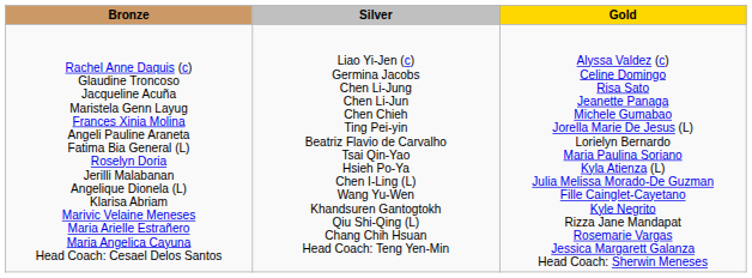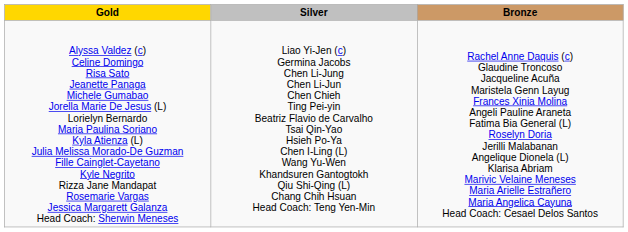 <table class="wikitable" style="text-align:center; font-size:90%">
 <tr>
+<th style="width:20em; background:gold">Gold</th>
+<th style="width:20em; background:silver">Silver</th>
 <th style="width:20em; background:#cc9966">Bronze</th>
-<th style="width:20em; background:silver">Silver</th>
-<th style="width:20em; background:gold">Gold</th>
 </tr>
 <tr>
+<td><br><br><a href='#'>Alyssa Valdez</a> (<a href='#'>c</a>)<br> <a href='#'>Celine Domingo</a><br> <a href='#'>Risa Sato</a><br> <a href='#'>Jeanette Panaga</a><br> <a href='#'>Michele Gumabao</a><br> <a href='#'>Jorella Marie De Jesus</a> (L)<br> Lorielyn Bernardo<br> <a href='#'>Maria Paulina Soriano</a><br> <a href='#'>Kyla Atienza</a> (L)<br> <a href='#'>Julia Melissa Morado-De Guzman</a><br> <a href='#'>Fille Cainglet-Cayetano</a><br> <a href='#'>Kyle Negrito</a><br> Rizza Jane Mandapat<br> <a href='#'>Rosemarie Vargas</a><br> <a href='#'>Jessica Margarett Galanza</a><br>Head Coach: <a href='#'>Sherwin Meneses</a></td>
+<td><br>Liao Yi-Jen (<a href='#'>c</a>)<br> Germina Jacobs<br> Chen Li-Jung<br> Chen Li-Jun<br> Chen Chieh<br> Ting Pei-yin<br> Beatriz Flavio de Carvalho<br> Tsai Qin-Yao<br> Hsieh Po-Ya<br> Chen I-Ling (L)<br> Wang Yu-Wen<br> Khandsuren Gantogtokh<br> Qiu Shi-Qing (L)<br> Chang Chih Hsuan<br>Head Coach: Teng Yen-Min</td>
 <td><br><br><a href='#'>Rachel Anne Daquis</a> (<a href='#'>c</a>)<br> Glaudine Troncoso<br> Jacqueline Acuña<br> Maristela Genn Layug<br> <a href='#'>Frances Xinia Molina</a><br> Angeli Pauline Araneta<br> Fatima Bia General (L)<br> <a href='#'>Roselyn Doria</a><br> Jerilli Malabanan<br> Angelique Dionela (L)<br> Klarisa Abriam<br> <a href='#'>Marivic Velaine Meneses</a><br> <a href='#'>Maria Arielle Estrañero</a><br> <a href='#'>Maria Angelica Cayuna</a><br>Head Coach: Cesael Delos Santos</td>
-<td><br>Liao Yi-Jen (<a href='#'>c</a>)<br> Germina Jacobs<br> Chen Li-Jung<br> Chen Li-Jun<br> Chen Chieh<br> Ting Pei-yin<br> Beatriz Flavio de Carvalho<br> Tsai Qin-Yao<br> Hsieh Po-Ya<br> Chen I-Ling (L)<br> Wang Yu-Wen<br> Khandsuren Gantogtokh<br> Qiu Shi-Qing (L)<br> Chang Chih Hsuan<br>Head Coach: Teng Yen-Min</td>
-<td><br><br><a href='#'>Alyssa Valdez</a> (<a href='#'>c</a>)<br> <a href='#'>Celine Domingo</a><br> <a href='#'>Risa Sato</a><br> <a href='#'>Jeanette Panaga</a><br> <a href='#'>Michele Gumabao</a><br> <a href='#'>Jorella Marie De Jesus</a> (L)<br> Lorielyn Bernardo<br> <a href='#'>Maria Paulina Soriano</a><br> <a href='#'>Kyla Atienza</a> (L)<br> <a href='#'>Julia Melissa Morado-De Guzman</a><br> <a href='#'>Fille Cainglet-Cayetano</a><br> <a href='#'>Kyle Negrito</a><br> Rizza Jane Mandapat<br> <a href='#'>Rosemarie Vargas</a><br> <a href='#'>Jessica Margarett Galanza</a><br>Head Coach: <a href='#'>Sherwin Meneses</a></td>
 </tr>
 </table>
